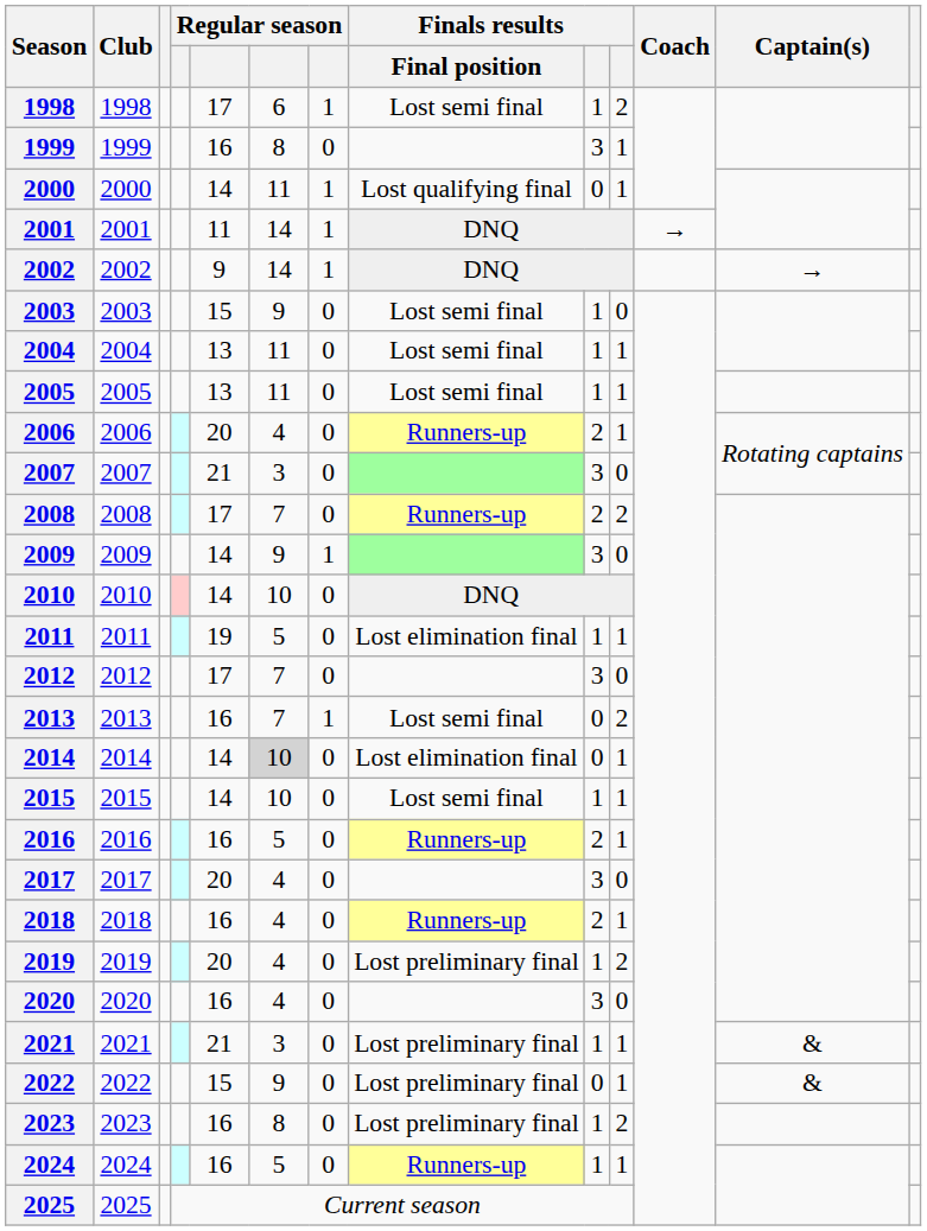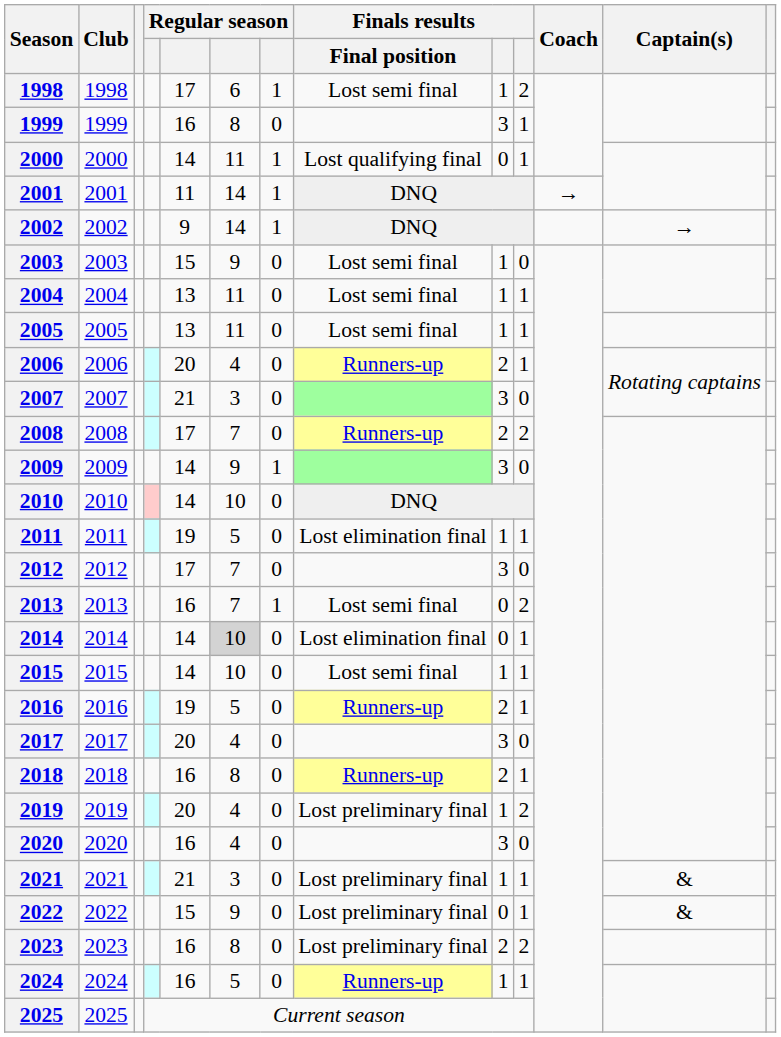 <table class="wikitable sortable plainrowheaders" style="text-align:center;">
 <tr>
 <th scope="col" rowspan=2>Season</th>
 <th scope="col" class="unsortable" rowspan=2>Club</th>
 <th scope="col" rowspan=2></th>
 <th scope="col" colspan="4">Regular season</th>
 <th scope="col" colspan="3">Finals results</th>
 <th scope="col" rowspan=2>Coach</th>
 <th scope="col" rowspan=2>Captain(s)</th>
 <th scope="col" class="unsortable" rowspan=2></th>
 </tr>
 <tr>
 <th scope="col"></th>
 <th scope="col"></th>
 <th scope="col"></th>
 <th scope="col"></th>
 <th scope="col">Final position</th>
 <th scope="col"></th>
 <th scope="col"></th>
 </tr>
 <tr>
 <th scope="row" style="text-align:center;"><a href='#'>1998</a></th>
 <td><a href='#'>1998</a></td>
 <td></td>
 <td></td>
 <td>17</td>
 <td>6</td>
 <td>1</td>
 <td>Lost semi final</td>
 <td>1</td>
 <td>2</td>
 <td rowspan=3></td>
 <td rowspan=2></td>
 <td></td>
 </tr>
 <tr>
 <th scope="row" style="text-align:center;"><a href='#'>1999</a></th>
 <td><a href='#'>1999</a></td>
 <td></td>
 <td></td>
 <td>16</td>
 <td>8</td>
 <td>0</td>
 <td></td>
 <td>3</td>
 <td>1</td>
 <td></td>
 </tr>
 <tr>
 <th scope="row" style="text-align:center;"><a href='#'>2000</a></th>
 <td><a href='#'>2000</a></td>
 <td></td>
 <td></td>
 <td>14</td>
 <td>11</td>
 <td>1</td>
 <td>Lost qualifying final</td>
 <td>0</td>
 <td>1</td>
 <td rowspan=2></td>
 <td></td>
 </tr>
 <tr>
 <th scope="row" style="text-align:center;"><a href='#'>2001</a></th>
 <td><a href='#'>2001</a></td>
 <td></td>
 <td></td>
 <td>11</td>
 <td>14</td>
 <td>1</td>
 <td colspan=3 style="background:#efefef;">DNQ</td>
 <td> → </td>
 <td></td>
 </tr>
 <tr>
 <th scope="row" style="text-align:center;"><a href='#'>2002</a></th>
 <td><a href='#'>2002</a></td>
 <td></td>
 <td></td>
 <td>9</td>
 <td>14</td>
 <td>1</td>
 <td colspan=3 style="background:#efefef;">DNQ</td>
 <td></td>
 <td> → </td>
 <td></td>
 </tr>
 <tr>
 <th scope="row" style="text-align:center;"><a href='#'>2003</a></th>
 <td><a href='#'>2003</a></td>
 <td></td>
 <td></td>
 <td>15</td>
 <td>9</td>
 <td>0</td>
 <td>Lost semi final</td>
 <td>1</td>
 <td>0</td>
 <td rowspan=23></td>
 <td rowspan=2></td>
 <td></td>
 </tr>
 <tr>
 <th scope="row" style="text-align:center;"><a href='#'>2004</a></th>
 <td><a href='#'>2004</a></td>
 <td></td>
 <td></td>
 <td>13</td>
 <td>11</td>
 <td>0</td>
 <td>Lost semi final</td>
 <td>1</td>
 <td>1</td>
 <td></td>
 </tr>
 <tr>
 <th scope="row" style="text-align:center;"><a href='#'>2005</a></th>
 <td><a href='#'>2005</a></td>
 <td></td>
 <td></td>
 <td>13</td>
 <td>11</td>
 <td>0</td>
 <td>Lost semi final</td>
 <td>1</td>
 <td>1</td>
 <td></td>
 <td></td>
 </tr>
 <tr>
 <th scope="row" style="text-align:center;"><a href='#'>2006</a></th>
 <td><a href='#'>2006</a></td>
 <td></td>
 <td style="background:#CCFFFF;"></td>
 <td>20</td>
 <td>4</td>
 <td>0</td>
 <td style="background:#ff9;"><a href='#'>Runners-up</a></td>
 <td>2</td>
 <td>1</td>
 <td rowspan=2><em>Rotating captains</em></td>
 <td></td>
 </tr>
 <tr>
 <th scope="row" style="text-align:center;"><a href='#'>2007</a></th>
 <td><a href='#'>2007</a></td>
 <td></td>
 <td style="background:#CCFFFF;"></td>
 <td>21</td>
 <td>3</td>
 <td>0</td>
 <td style="background:#9EFF9E;"></td>
 <td>3</td>
 <td>0</td>
 <td></td>
 </tr>
 <tr>
 <th scope="row" style="text-align:center;"><a href='#'>2008</a></th>
 <td><a href='#'>2008</a></td>
 <td></td>
 <td style="background:#CCFFFF;"></td>
 <td>17</td>
 <td>7</td>
 <td>0</td>
 <td style="background:#ff9;"><a href='#'>Runners-up</a></td>
 <td>2</td>
 <td>2</td>
 <td rowspan="13"></td>
 <td></td>
 </tr>
 <tr>
 <th scope="row" style="text-align:center;"><a href='#'>2009</a></th>
 <td><a href='#'>2009</a></td>
 <td></td>
 <td></td>
 <td>14</td>
 <td>9</td>
 <td>1</td>
 <td style="background:#9EFF9E;"></td>
 <td>3</td>
 <td>0</td>
 <td></td>
 </tr>
 <tr>
 <th scope="row" style="text-align:center;"><a href='#'>2010</a></th>
 <td><a href='#'>2010</a></td>
 <td></td>
 <td style="background-color:#fcc;"></td>
 <td>14</td>
 <td>10</td>
 <td>0</td>
 <td colspan=3 style="background:#efefef;">DNQ</td>
 <td></td>
 </tr>
 <tr>
 <th scope="row" style="text-align:center;"><a href='#'>2011</a></th>
 <td><a href='#'>2011</a></td>
 <td></td>
 <td style="background:#CCFFFF;"></td>
 <td>19</td>
 <td>5</td>
 <td>0</td>
 <td>Lost elimination final</td>
 <td>1</td>
 <td>1</td>
 <td></td>
 </tr>
 <tr>
 <th scope="row" style="text-align:center;"><a href='#'>2012</a></th>
 <td><a href='#'>2012</a></td>
 <td></td>
 <td></td>
 <td>17</td>
 <td>7</td>
 <td>0</td>
 <td></td>
 <td>3</td>
 <td>0</td>
 <td></td>
 </tr>
 <tr>
 <th scope="row" style="text-align:center;"><a href='#'>2013</a></th>
 <td><a href='#'>2013</a></td>
 <td></td>
 <td></td>
 <td>16</td>
 <td>7</td>
 <td>1</td>
 <td>Lost semi final</td>
 <td>0</td>
 <td>2</td>
 <td></td>
 </tr>
 <tr>
 <th scope="row" style="text-align:center;"><a href='#'>2014</a></th>
 <td><a href='#'>2014</a></td>
 <td></td>
 <td></td>
 <td>14</td>
 <td style="background: lightgrey;">10</td>
 <td>0</td>
 <td>Lost elimination final</td>
 <td>0</td>
 <td>1</td>
 <td></td>
 </tr>
 <tr>
 <th scope="row" style="text-align:center;"><a href='#'>2015</a></th>
 <td><a href='#'>2015</a></td>
 <td></td>
 <td></td>
 <td>14</td>
 <td>10</td>
 <td>0</td>
 <td>Lost semi final</td>
 <td>1</td>
 <td>1</td>
 <td></td>
 </tr>
 <tr>
 <th scope="row" style="text-align:center;"><a href='#'>2016</a></th>
 <td><a href='#'>2016</a></td>
 <td></td>
 <td style="background:#CCFFFF;"></td>
-<td>16</td>
+<td>19</td>
 <td>5</td>
 <td>0</td>
 <td style="background:#ff9;"><a href='#'>Runners-up</a></td>
 <td>2</td>
 <td>1</td>
 <td></td>
 </tr>
 <tr>
 <th scope="row" style="text-align:center;"><a href='#'>2017</a></th>
 <td><a href='#'>2017</a></td>
 <td></td>
 <td style="background:#CCFFFF;"></td>
 <td>20</td>
 <td>4</td>
 <td>0</td>
 <td></td>
 <td>3</td>
 <td>0</td>
 <td></td>
 </tr>
 <tr>
 <th scope="row" style="text-align:center;"><a href='#'>2018</a></th>
 <td><a href='#'>2018</a></td>
 <td></td>
 <td></td>
 <td>16</td>
-<td>4</td>
+<td>8</td>
 <td>0</td>
 <td style="background:#ff9;"><a href='#'>Runners-up</a></td>
 <td>2</td>
 <td>1</td>
 <td></td>
 </tr>
 <tr>
 <th scope="row" style="text-align:center;"><a href='#'>2019</a></th>
 <td><a href='#'>2019</a></td>
 <td></td>
 <td style="background:#CCFFFF;"></td>
 <td>20</td>
 <td>4</td>
 <td>0</td>
 <td>Lost preliminary final</td>
 <td>1</td>
 <td>2</td>
 <td></td>
 </tr>
 <tr>
 <th scope="row" style="text-align:center;"><a href='#'>2020</a></th>
 <td><a href='#'>2020</a></td>
 <td></td>
 <td></td>
 <td>16</td>
 <td>4</td>
 <td>0</td>
 <td></td>
 <td>3</td>
 <td>0</td>
 <td></td>
 </tr>
 <tr>
 <th scope="row" style="text-align:center;"><a href='#'>2021</a></th>
 <td><a href='#'>2021</a></td>
 <td></td>
 <td style="background:#CCFFFF;"></td>
 <td>21</td>
 <td>3</td>
 <td>0</td>
 <td>Lost preliminary final</td>
 <td>1</td>
 <td>1</td>
 <td> & </td>
 <td></td>
 </tr>
 <tr>
 <th scope="row" style="text-align:center;"><a href='#'>2022</a></th>
 <td><a href='#'>2022</a></td>
 <td></td>
 <td></td>
 <td>15</td>
 <td>9</td>
 <td>0</td>
 <td>Lost preliminary final</td>
 <td>0</td>
 <td>1</td>
 <td> & </td>
 <td></td>
 </tr>
 <tr>
 <th scope="row" style="text-align:center;"><a href='#'>2023</a></th>
 <td><a href='#'>2023</a></td>
 <td></td>
 <td></td>
 <td>16</td>
 <td>8</td>
 <td>0</td>
 <td>Lost preliminary final</td>
-<td>1</td>
+<td>2</td>
 <td>2</td>
 <td></td>
 <td></td>
 </tr>
 <tr>
 <th scope="row" style="text-align:center;"><a href='#'>2024</a></th>
 <td><a href='#'>2024</a></td>
 <td></td>
 <td style="background:#CCFFFF;"></td>
 <td>16</td>
 <td>5</td>
 <td>0</td>
 <td style="background:#ff9;"><a href='#'>Runners-up</a></td>
 <td>1</td>
 <td>1</td>
 <td rowspan=2></td>
 <td></td>
 </tr>
 <tr>
 <th scope="row" style="text-align:center;"><a href='#'>2025</a></th>
 <td><a href='#'>2025</a></td>
 <td></td>
 <td colspan=7><em>Current season</em></td>
 <td></td>
 </tr>
 </table>
